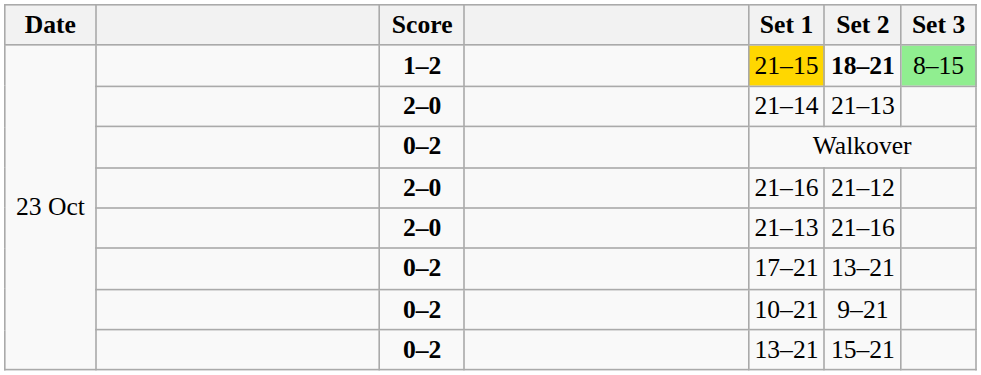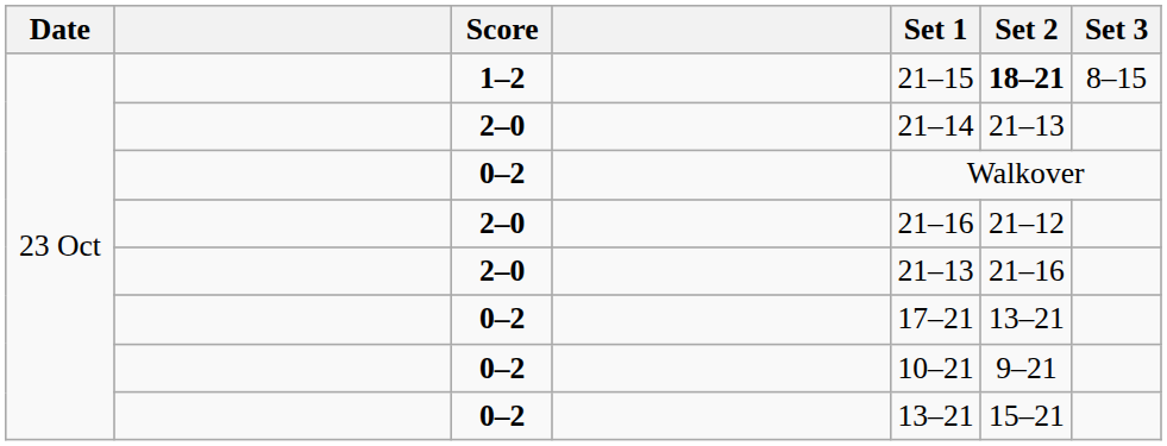 <table class="wikitable" style="text-align: center;">
 <tr>
 <th width="60">Date</th>
 <th align="right" width="270"></th>
 <th width="50">Score</th>
 <th align="left" width="270"></th>
 <th width="50">Set 1</th>
 <th width="50">Set 2</th>
 <th width="50">Set 3</th>
 </tr>
 <tr>
 <td rowspan=8>23 Oct</td>
 <td align=left></td>
 <td align=center><strong>1–2</strong></td>
 <td align=left><strong></strong></td>
-<td style="background: gold;">21–15</td>
+<td>21–15</td>
 <td><strong>18–21</strong></td>
-<td style="background: lightgreen;">8–15</td>
+<td>8–15</td>
 </tr>
 <tr>
 <td align=left><strong></strong></td>
 <td align=center><strong>2–0</strong></td>
 <td align=left></td>
 <td>21–14</td>
 <td>21–13</td>
 <td></td>
 </tr>
 <tr>
 <td align=left></td>
 <td align=center><strong>0–2</strong></td>
 <td align=left><strong></strong></td>
 <td colspan=3>Walkover</td>
 </tr>
 <tr>
 <td align=left><strong></strong></td>
 <td align=center><strong>2–0</strong></td>
 <td align=left></td>
 <td>21–16</td>
 <td>21–12</td>
 <td></td>
 </tr>
 <tr>
 <td align=left><strong></strong></td>
 <td align=center><strong>2–0</strong></td>
 <td align=left></td>
 <td>21–13</td>
 <td>21–16</td>
 <td></td>
 </tr>
 <tr>
 <td align=left></td>
 <td align=center><strong>0–2</strong></td>
 <td align=left><strong></strong></td>
 <td>17–21</td>
 <td>13–21</td>
 <td></td>
 </tr>
 <tr>
 <td align=left></td>
 <td align=center><strong>0–2</strong></td>
 <td align=left><strong></strong></td>
 <td>10–21</td>
 <td>9–21</td>
 <td></td>
 </tr>
 <tr>
 <td align=left></td>
 <td align=center><strong>0–2</strong></td>
 <td align=left><strong></strong></td>
 <td>13–21</td>
 <td>15–21</td>
 <td></td>
 </tr>
 </table>
